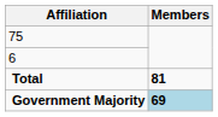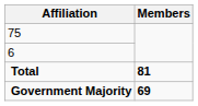 <table class="wikitable">
 <tr>
 <th colspan="2">Affiliation</th>
 <th>Members</th>
 </tr>
 <tr>
 <td>75</td>
 </tr>
 <tr>
 <td>6</td>
 </tr>
 <tr>
 <td colspan="2" rowspan="1" align=left> <strong>Total</strong><br></td>
 <td><strong>81</strong></td>
 </tr>
 <tr>
 <td colspan="2" rowspan="1" align=left> <strong>Government Majority</strong><br></td>
-<td style="background: lightblue;"><strong>69</strong></td>
+<td><strong>69</strong></td>
 </tr>
 </table>
